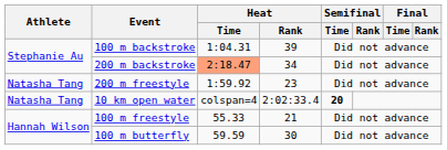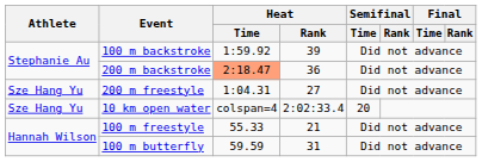 <table class=wikitable style="font-size:90%">
 <tr>
 <th rowspan="2">Athlete</th>
 <th rowspan="2">Event</th>
 <th colspan="2">Heat</th>
 <th colspan="2">Semifinal</th>
 <th colspan="2">Final</th>
 </tr>
 <tr style="font-size:95%">
 <th>Time</th>
 <th>Rank</th>
 <th>Time</th>
 <th>Rank</th>
 <th>Time</th>
 <th>Rank</th>
 </tr>
 <tr align=center>
 <td align=left rowspan=2><a href='#'>Stephanie Au</a></td>
 <td align=left><a href='#'>100 m backstroke</a></td>
-<td>1:04.31</td>
+<td>1:59.92</td>
 <td>39</td>
 <td colspan=4>Did not advance</td>
 </tr>
 <tr align=center>
 <td align=left><a href='#'>200 m backstroke</a></td>
 <td style="background: lightsalmon;">2:18.47</td>
-<td>34</td>
+<td>36</td>
 <td colspan=4>Did not advance</td>
 </tr>
 <tr align=center>
-<td align=left><a href='#'>Natasha Tang</a></td>
+<td align=left><a href='#'>Sze Hang Yu</a></td>
 <td align=left><a href='#'>200 m freestyle</a></td>
-<td>1:59.92</td>
-<td>23</td>
+<td>1:04.31</td>
+<td>27</td>
 <td colspan=4>Did not advance</td>
 </tr>
 <tr align=center>
-<td align=left><a href='#'>Natasha Tang</a></td>
+<td align=left><a href='#'>Sze Hang Yu</a></td>
 <td align=left><a href='#'>10 km open water</a></td>
 <td>colspan=4 </td>
 <td>2:02:33.4</td>
-<td><strong>20</strong></td>
+<td>20</td>
 </tr>
 <tr align=center>
 <td align=left rowspan=2><a href='#'>Hannah Wilson</a></td>
 <td align=left><a href='#'>100 m freestyle</a></td>
 <td>55.33</td>
 <td>21</td>
 <td colspan=4>Did not advance</td>
 </tr>
 <tr align=center>
 <td align=left><a href='#'>100 m butterfly</a></td>
 <td>59.59</td>
-<td>30</td>
+<td>31</td>
 <td colspan=4>Did not advance</td>
 </tr>
 </table>
